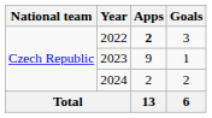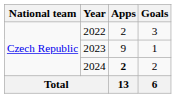 <table class=wikitable style=text-align:center>
 <tr>
 <th>National team</th>
 <th>Year</th>
 <th>Apps</th>
 <th>Goals</th>
 </tr>
 <tr>
 <td rowspan="3"><a href='#'>Czech Republic</a></td>
 <td>2022</td>
-<td><strong>2</strong></td>
+<td>2</td>
 <td>3</td>
 </tr>
 <tr>
 <td>2023</td>
 <td>9</td>
 <td>1</td>
 </tr>
 <tr>
 <td>2024</td>
-<td>2</td>
+<td><strong>2</strong></td>
 <td>2</td>
 </tr>
 <tr>
 <th colspan="2">Total</th>
 <th>13</th>
 <th>6</th>
 </tr>
 </table>
